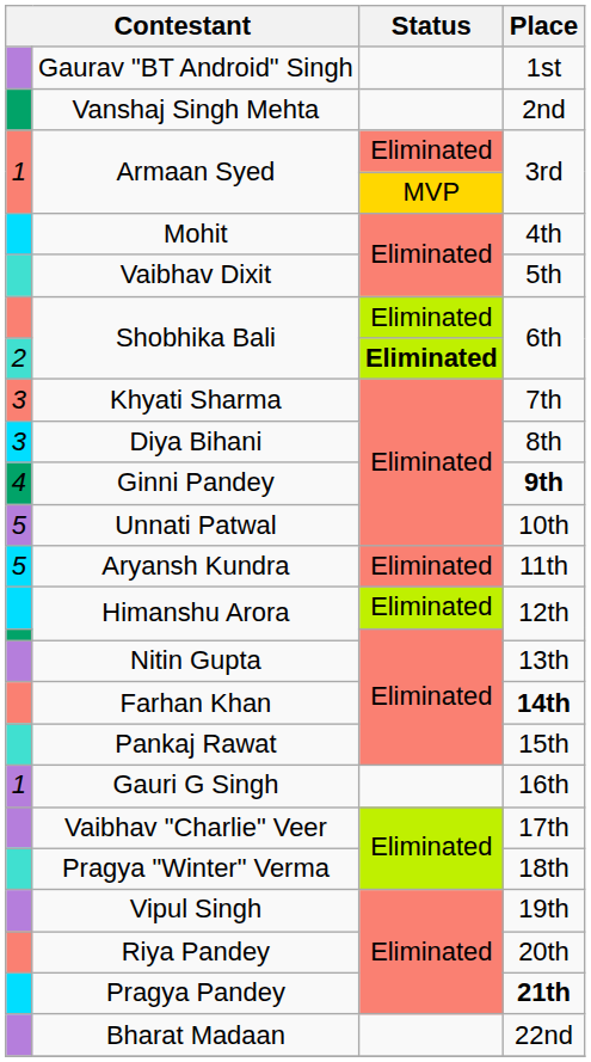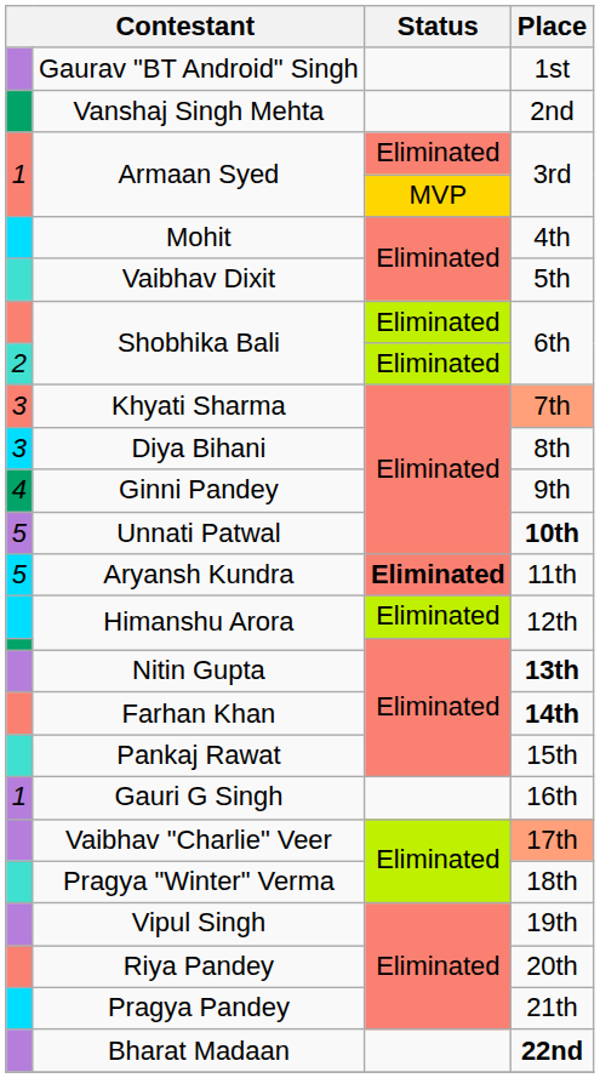 <table class="wikitable sortable" style="text-align:center;">
 <tr>
 <th colspan="2">Contestant</th>
 <th>Status</th>
 <th>Place</th>
 </tr>
 <tr>
 <td style="background:#B57EDC;"></td>
 <td>Gaurav "BT Android" Singh</td>
 <td></td>
 <td>1st</td>
 </tr>
 <tr>
 <td style="background:#01A368;"></td>
 <td>Vanshaj Singh Mehta</td>
 <td></td>
 <td>2nd</td>
 </tr>
 <tr>
 <td rowspan="2" style="background:#FA8072;"><em>1</em></td>
 <td rowspan="2">Armaan Syed</td>
 <td style="background:salmon;">Eliminated</td>
 <td rowspan="2">3rd</td>
 </tr>
 <tr>
 <td style="background:gold;">MVP</td>
 </tr>
 <tr>
 <td style="background:#00DEFF;"></td>
 <td>Mohit</td>
 <td rowspan="2" style="background:salmon;">Eliminated</td>
 <td>4th</td>
 </tr>
 <tr>
 <td style="background:turquoise;"></td>
 <td>Vaibhav Dixit</td>
 <td>5th</td>
 </tr>
 <tr>
 <td style="background:#FA8072;"></td>
 <td rowspan="2">Shobhika Bali</td>
 <td style="background:#BFF000;">Eliminated</td>
 <td rowspan="2">6th</td>
 </tr>
 <tr>
 <td style="background:turquoise;"><em>2</em></td>
-<td style="background:#BFF000;"><strong>Eliminated</strong></td>
+<td style="background:#BFF000;">Eliminated</td>
 </tr>
 <tr>
 <td style="background:#FA8072;"><em>3</em></td>
 <td>Khyati Sharma</td>
 <td rowspan="4" style="background:salmon;">Eliminated</td>
-<td>7th</td>
+<td style="background: lightsalmon;">7th</td>
 </tr>
 <tr>
 <td style="background:#00DEFF;"><em>3</em></td>
 <td>Diya Bihani</td>
 <td>8th</td>
 </tr>
 <tr>
 <td style="background:#01A368;"><em>4</em></td>
 <td>Ginni Pandey</td>
-<td><strong>9th</strong></td>
+<td>9th</td>
 </tr>
 <tr>
 <td style="background:#B57EDC;"><em>5</em></td>
 <td>Unnati Patwal</td>
-<td>10th</td>
+<td><strong>10th</strong></td>
 </tr>
 <tr>
 <td style="background:#00DEFF;"><em>5</em></td>
 <td>Aryansh Kundra</td>
-<td style="background:salmon;">Eliminated</td>
+<td style="background:salmon;"><strong>Eliminated</strong></td>
 <td>11th</td>
 </tr>
 <tr>
 <td style="background:#00DEFF;"></td>
 <td rowspan="2">Himanshu Arora</td>
 <td style="background:#BFF000;">Eliminated</td>
 <td rowspan="2">12th</td>
 </tr>
 <tr>
 <td style="background:#01A368;"></td>
 <td rowspan="4" style="background:salmon;">Eliminated</td>
 </tr>
 <tr>
 <td style="background:#B57EDC;"></td>
 <td>Nitin Gupta</td>
-<td>13th</td>
+<td><strong>13th</strong></td>
 </tr>
 <tr>
 <td style="background:#FA8072;"></td>
 <td>Farhan Khan</td>
 <td><strong>14th</strong></td>
 </tr>
 <tr>
 <td style="background:turquoise;"></td>
 <td>Pankaj Rawat</td>
 <td>15th</td>
 </tr>
 <tr>
 <td style="background:#B57EDC;"><em>1</em></td>
 <td>Gauri G Singh</td>
 <td></td>
 <td>16th</td>
 </tr>
 <tr>
 <td style="background:#B57EDC;"></td>
 <td>Vaibhav "Charlie" Veer</td>
 <td rowspan="2" style="background:#BFF000;">Eliminated</td>
-<td>17th</td>
+<td style="background: lightsalmon;">17th</td>
 </tr>
 <tr>
 <td style="background:turquoise;"></td>
 <td>Pragya "Winter" Verma</td>
 <td>18th</td>
 </tr>
 <tr>
 <td style="background:#B57EDC;"></td>
 <td>Vipul Singh</td>
 <td rowspan="3" style="background:salmon;">Eliminated</td>
 <td>19th</td>
 </tr>
 <tr>
 <td style="background:#FA8072;"></td>
 <td>Riya Pandey</td>
 <td>20th</td>
 </tr>
 <tr>
 <td style="background:#00DEFF;"></td>
 <td>Pragya Pandey</td>
-<td><strong>21th</strong></td>
+<td>21th</td>
 </tr>
 <tr>
 <td style="background:#B57EDC;"></td>
 <td>Bharat Madaan</td>
 <td></td>
-<td>22nd</td>
+<td><strong>22nd</strong></td>
 </tr>
 <tr>
 </tr>
 </table>
